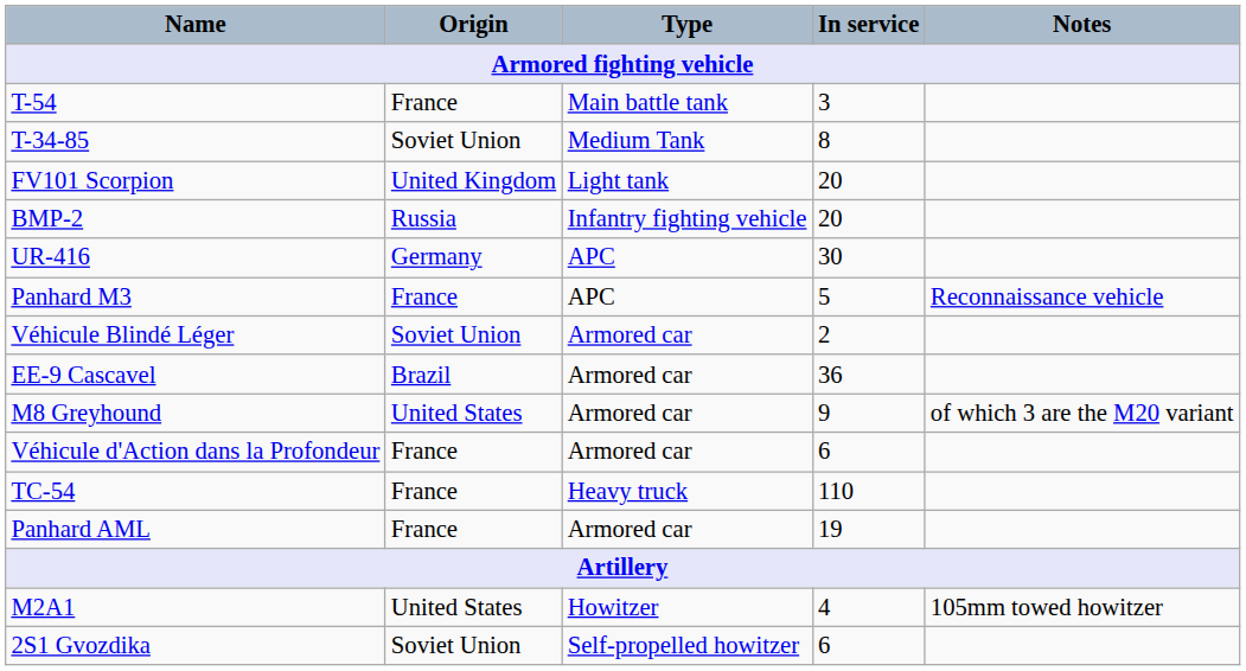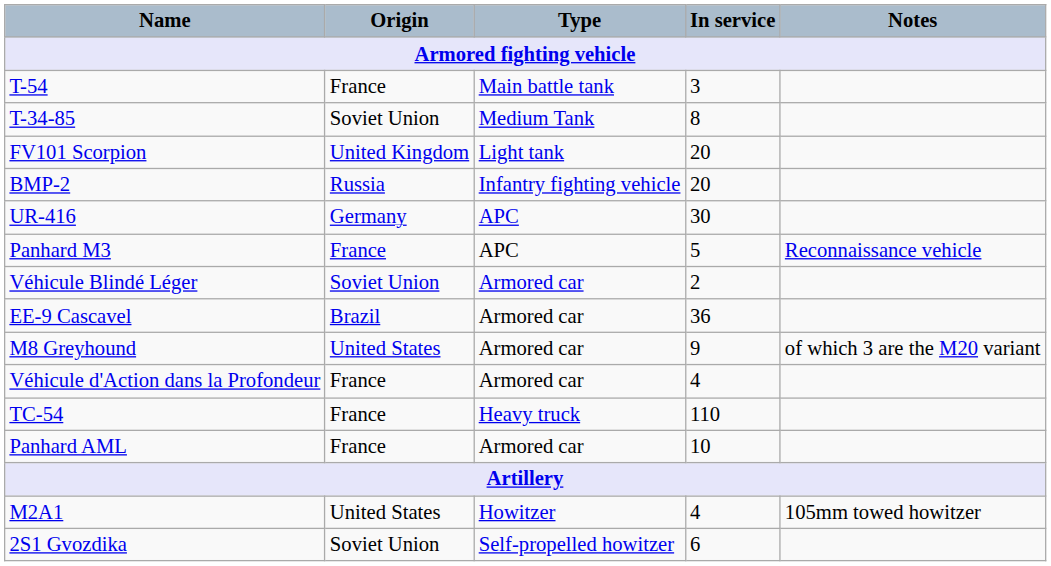 <table class="wikitable">
 <tr>
 <th style="text-align:center; background:#aabccc;">Name</th>
 <th style="text-align: center; background:#aabccc;">Origin</th>
 <th style="text-align:l center; background:#aabccc;">Type</th>
 <th style="text-align:l center; background:#aabccc;">In service</th>
 <th style="text-align: center; background:#aabccc;">Notes</th>
 </tr>
 <tr>
 <th style="align: center; background: lavender;" colspan="7"><a href='#'>Armored fighting vehicle</a></th>
 </tr>
 <tr>
 <td><a href='#'>T-54</a></td>
 <td>France</td>
 <td><a href='#'>Main battle tank</a></td>
 <td>3</td>
 <td></td>
 </tr>
 <tr>
 <td><a href='#'>T-34-85</a></td>
 <td>Soviet Union</td>
 <td><a href='#'>Medium Tank</a></td>
 <td>8</td>
 <td></td>
 </tr>
 <tr>
 <td><a href='#'>FV101 Scorpion</a></td>
 <td><a href='#'>United Kingdom</a></td>
 <td><a href='#'>Light tank</a></td>
 <td>20</td>
 <td></td>
 </tr>
 <tr>
 <td><a href='#'>BMP-2</a></td>
 <td><a href='#'>Russia</a></td>
 <td><a href='#'>Infantry fighting vehicle</a></td>
 <td>20</td>
 <td></td>
 </tr>
 <tr>
 <td><a href='#'>UR-416</a></td>
 <td><a href='#'>Germany</a></td>
 <td><a href='#'>APC</a></td>
 <td>30</td>
 <td></td>
 </tr>
 <tr>
 <td><a href='#'>Panhard M3</a></td>
 <td><a href='#'>France</a></td>
 <td>APC</td>
 <td>5</td>
 <td><a href='#'>Reconnaissance vehicle</a></td>
 </tr>
 <tr>
 <td><a href='#'>Véhicule Blindé Léger</a></td>
 <td><a href='#'>Soviet Union</a></td>
 <td><a href='#'>Armored car</a></td>
 <td>2</td>
 <td></td>
 </tr>
 <tr>
 <td><a href='#'>EE-9 Cascavel</a></td>
 <td><a href='#'>Brazil</a></td>
 <td>Armored car</td>
 <td>36</td>
 <td></td>
 </tr>
 <tr>
 <td><a href='#'>M8 Greyhound</a></td>
 <td><a href='#'>United States</a></td>
 <td>Armored car</td>
 <td>9</td>
 <td>of which 3 are the <a href='#'>M20</a> variant</td>
 </tr>
 <tr>
 <td><a href='#'>Véhicule d'Action dans la Profondeur</a></td>
 <td>France</td>
 <td>Armored car</td>
-<td>6</td>
+<td>4</td>
 <td></td>
 </tr>
 <tr>
 <td><a href='#'>TC-54</a></td>
 <td>France</td>
 <td><a href='#'>Heavy truck</a></td>
 <td>110</td>
 <td></td>
 </tr>
 <tr>
 <td><a href='#'>Panhard AML</a></td>
 <td>France</td>
 <td>Armored car</td>
-<td>19</td>
+<td>10</td>
 <td></td>
 </tr>
 <tr>
 <th style="align: center; background: lavender;" colspan="7"><a href='#'>Artillery</a></th>
 </tr>
 <tr>
 <td><a href='#'>M2A1</a></td>
 <td>United States</td>
 <td><a href='#'>Howitzer</a></td>
 <td>4</td>
 <td>105mm towed howitzer</td>
 </tr>
 <tr>
 <td><a href='#'>2S1 Gvozdika</a></td>
 <td>Soviet Union</td>
 <td><a href='#'>Self-propelled howitzer</a></td>
 <td>6</td>
 <td></td>
 </tr>
 </table>
